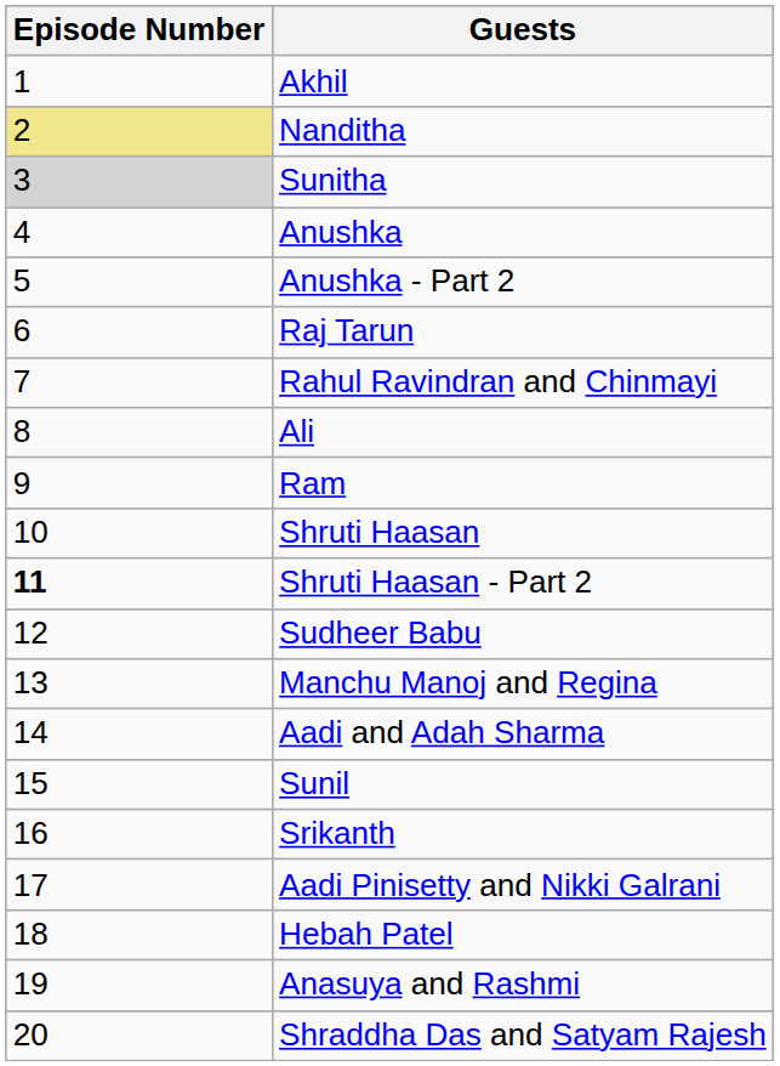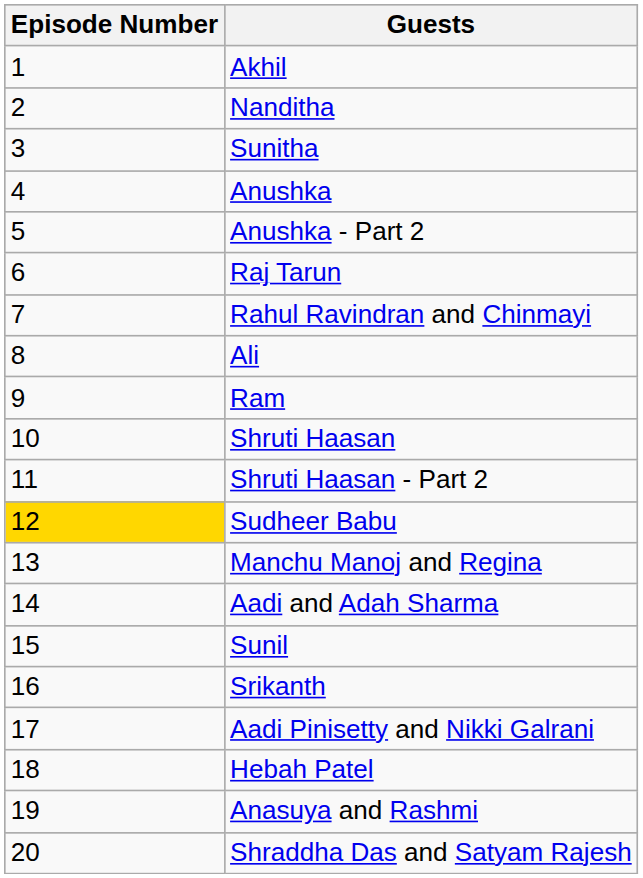 <table class="wikitable">
 <tr>
 <th>Episode Number</th>
 <th>Guests</th>
 </tr>
 <tr>
 <td>1</td>
 <td><a href='#'>Akhil</a></td>
 </tr>
 <tr>
-<td style="background: khaki;">2</td>
+<td>2</td>
 <td><a href='#'>Nanditha</a></td>
 </tr>
 <tr>
-<td style="background: lightgrey;">3</td>
+<td>3</td>
 <td><a href='#'>Sunitha</a></td>
 </tr>
 <tr>
 <td>4</td>
 <td><a href='#'>Anushka</a></td>
 </tr>
 <tr>
 <td>5</td>
 <td><a href='#'>Anushka</a> - Part 2</td>
 </tr>
 <tr>
 <td>6</td>
 <td><a href='#'>Raj Tarun</a></td>
 </tr>
 <tr>
 <td>7</td>
 <td><a href='#'>Rahul Ravindran</a> and <a href='#'>Chinmayi</a></td>
 </tr>
 <tr>
 <td>8</td>
 <td><a href='#'>Ali</a></td>
 </tr>
 <tr>
 <td>9</td>
 <td><a href='#'>Ram</a></td>
 </tr>
 <tr>
 <td>10</td>
 <td><a href='#'>Shruti Haasan</a></td>
 </tr>
 <tr>
-<td><strong>11</strong></td>
+<td>11</td>
 <td><a href='#'>Shruti Haasan</a> - Part 2</td>
 </tr>
 <tr>
-<td>12</td>
+<td style="background: gold;">12</td>
 <td><a href='#'>Sudheer Babu</a></td>
 </tr>
 <tr>
 <td>13</td>
 <td><a href='#'>Manchu Manoj</a> and <a href='#'>Regina</a></td>
 </tr>
 <tr>
 <td>14</td>
 <td><a href='#'>Aadi</a> and <a href='#'>Adah Sharma</a></td>
 </tr>
 <tr>
 <td>15</td>
 <td><a href='#'>Sunil</a></td>
 </tr>
 <tr>
 <td>16</td>
 <td><a href='#'>Srikanth</a></td>
 </tr>
 <tr>
 <td>17</td>
 <td><a href='#'>Aadi Pinisetty</a> and <a href='#'>Nikki Galrani</a></td>
 </tr>
 <tr>
 <td>18</td>
 <td><a href='#'>Hebah Patel</a></td>
 </tr>
 <tr>
 <td>19</td>
 <td><a href='#'>Anasuya</a> and <a href='#'>Rashmi</a></td>
 </tr>
 <tr>
 <td>20</td>
 <td><a href='#'>Shraddha Das</a> and <a href='#'>Satyam Rajesh</a></td>
 </tr>
 </table>
